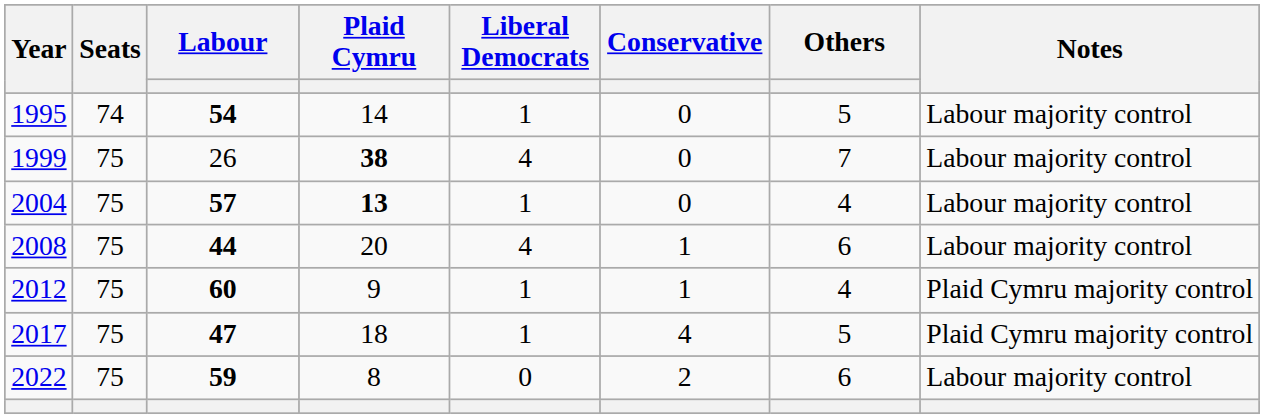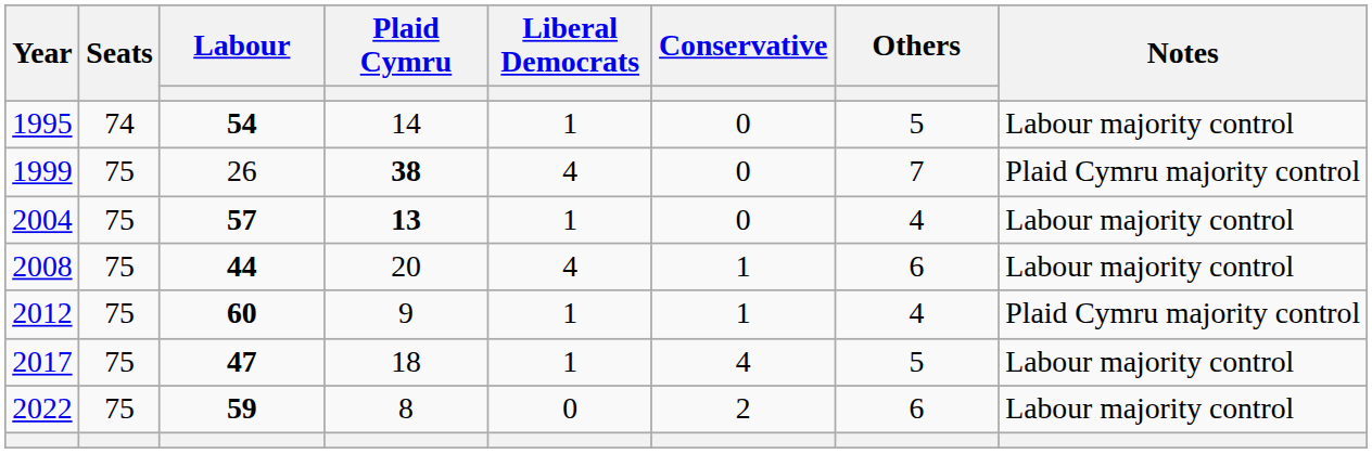 <table class="wikitable" style=text-align:center>
 <tr>
 <th rowspan=2>Year</th>
 <th rowspan=2>Seats</th>
 <th width="80"><a href='#'>Labour</a></th>
 <th width="80"><a href='#'>Plaid Cymru</a></th>
 <th width="80"><a href='#'>Liberal Democrats</a></th>
 <th width="80"><a href='#'>Conservative</a></th>
 <th width="80">Others</th>
 <th rowspan=2>Notes</th>
 </tr>
 <tr>
 <th style="background-color: "></th>
 <th style="background-color: "></th>
 <th style="background-color: "></th>
 <th style="background-color: "></th>
 <th style="background-color: "></th>
 </tr>
 <tr>
 <td><a href='#'>1995</a></td>
 <td>74</td>
 <td><strong>54</strong></td>
 <td>14</td>
 <td>1</td>
 <td>0</td>
 <td>5</td>
 <td align=left>Labour majority control</td>
 </tr>
 <tr>
 <td><a href='#'>1999</a></td>
 <td>75</td>
 <td>26</td>
 <td><strong>38</strong></td>
 <td>4</td>
 <td>0</td>
 <td>7</td>
-<td align=left>Labour majority control</td>
+<td align=left>Plaid Cymru majority control</td>
 </tr>
 <tr>
 <td><a href='#'>2004</a></td>
 <td>75</td>
 <td><strong>57</strong></td>
 <td><strong>13</strong></td>
 <td>1</td>
 <td>0</td>
 <td>4</td>
 <td align=left>Labour majority control</td>
 </tr>
 <tr>
 <td><a href='#'>2008</a></td>
 <td>75</td>
 <td><strong>44</strong></td>
 <td>20</td>
 <td>4</td>
 <td>1</td>
 <td>6</td>
 <td align=left>Labour majority control</td>
 </tr>
 <tr>
 <td><a href='#'>2012</a></td>
 <td>75</td>
 <td><strong>60</strong></td>
 <td>9</td>
 <td>1</td>
 <td>1</td>
 <td>4</td>
 <td align=left>Plaid Cymru majority control</td>
 </tr>
 <tr>
 <td><a href='#'>2017</a></td>
 <td>75</td>
 <td><strong>47</strong></td>
 <td>18</td>
 <td>1</td>
 <td>4</td>
 <td>5</td>
-<td align=left>Plaid Cymru majority control</td>
+<td align=left>Labour majority control</td>
 </tr>
 <tr>
 <td><a href='#'>2022</a></td>
 <td>75</td>
 <td><strong>59</strong></td>
 <td>8</td>
 <td>0</td>
 <td>2</td>
 <td>6</td>
 <td align=left>Labour majority control</td>
 </tr>
 <tr>
 <th></th>
 <th></th>
 <th style="background-color: "></th>
 <th style="background-color: "></th>
 <th style="background-color: "></th>
 <th style="background-color: "></th>
 <th style="background-color: "></th>
 <th></th>
 </tr>
 </table>
